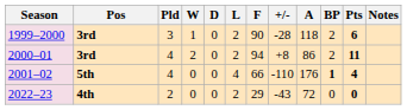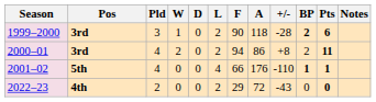 <table class="wikitable">
 <tr border=1 cellpadding=5 cellspacing=0>
 <th style="width:80px;">Season</th>
 <th style="width:100px;">Pos</th>
 <th style="width:20px;">Pld</th>
 <th style="width:20px;">W</th>
 <th style="width:20px;">D</th>
 <th style="width:20px;">L</th>
 <th style="width:20px;">F</th>
+<th style="width:20px;">A</th>
 <th style="width:25px;">+/-</th>
-<th style="width:20px;">A</th>
 <th style="width:20px;">BP</th>
 <th style="width:20px;">Pts</th>
 <th>Notes<br></th>
 </tr>
 <tr align=center>
 <td style="text-align:left; background:#F4DDE7;"><a href='#'>1999–2000</a></td>
 <td style="text-align:left; background:#ffe6bd;"><strong>3rd</strong></td>
 <td style="background:#ffe6bd;">3</td>
 <td style="background:#ffe6bd;">1</td>
 <td style="background:#ffe6bd;">0</td>
 <td style="background:#ffe6bd;">2</td>
 <td style="background:#ffe6bd;">90</td>
+<td style="background:#ffe6bd;">118</td>
 <td style="background:#ffe6bd;">-28</td>
-<td style="background:#ffe6bd;">118</td>
-<td style="background:#ffe6bd;">2</td>
+<td style="background:#ffe6bd;"><strong>2</strong></td>
 <td style="background:#ffe6bd;"><strong>6</strong></td>
 <td style="background:#ffe6bd;"><br> </td>
 </tr>
 <tr align=center>
 <td style="text-align:left; background:#F4DDE7;"><a href='#'>2000–01</a></td>
 <td style="text-align:left; background:#ffe6bd;"><strong>3rd</strong></td>
 <td style="background:#ffe6bd;">4</td>
 <td style="background:#ffe6bd;">2</td>
 <td style="background:#ffe6bd;">0</td>
 <td style="background:#ffe6bd;">2</td>
 <td style="background:#ffe6bd;">94</td>
+<td style="background:#ffe6bd;">86</td>
 <td style="background:#ffe6bd;">+8</td>
-<td style="background:#ffe6bd;">86</td>
 <td style="background:#ffe6bd;">2</td>
 <td style="background:#ffe6bd;"><strong>11</strong></td>
 <td style="background:#ffe6bd;"><br> </td>
 </tr>
 <tr align=center>
 <td style="text-align:left; background:#F4DDE7;"><a href='#'>2001–02</a></td>
 <td style="text-align:left; background:#ffe6bd;"><strong>5th</strong></td>
 <td style="background:#ffe6bd;">4</td>
 <td style="background:#ffe6bd;">0</td>
 <td style="background:#ffe6bd;">0</td>
 <td style="background:#ffe6bd;">4</td>
 <td style="background:#ffe6bd;">66</td>
+<td style="background:#ffe6bd;">176</td>
 <td style="background:#ffe6bd;">-110</td>
-<td style="background:#ffe6bd;">176</td>
 <td style="background:#ffe6bd;"><strong>1</strong></td>
-<td style="background:#ffe6bd;"><strong>4</strong></td>
+<td style="background:#ffe6bd;"><strong>1</strong></td>
 <td style="background:#ffe6bd;"><br> </td>
 </tr>
 <tr align=center>
 <td style="text-align:left; background:#F4DDE7;"><a href='#'>2022–23</a></td>
 <td style="text-align:left; background:#ffe6bd;"><strong>4th</strong></td>
 <td style="background:#ffe6bd;">2</td>
 <td style="background:#ffe6bd;">0</td>
 <td style="background:#ffe6bd;">0</td>
 <td style="background:#ffe6bd;">2</td>
 <td style="background:#ffe6bd;">29</td>
+<td style="background:#ffe6bd;">72</td>
 <td style="background:#ffe6bd;">-43</td>
-<td style="background:#ffe6bd;">72</td>
 <td style="background:#ffe6bd;">0</td>
 <td style="background:#ffe6bd;"><strong>0</strong></td>
 <td style="background:#ffe6bd;"><br></td>
 </tr>
 </table>
